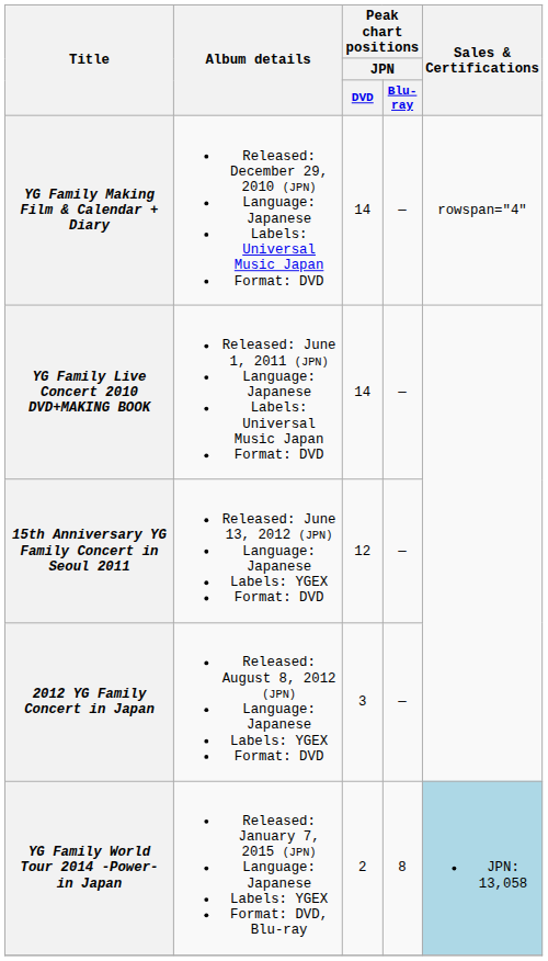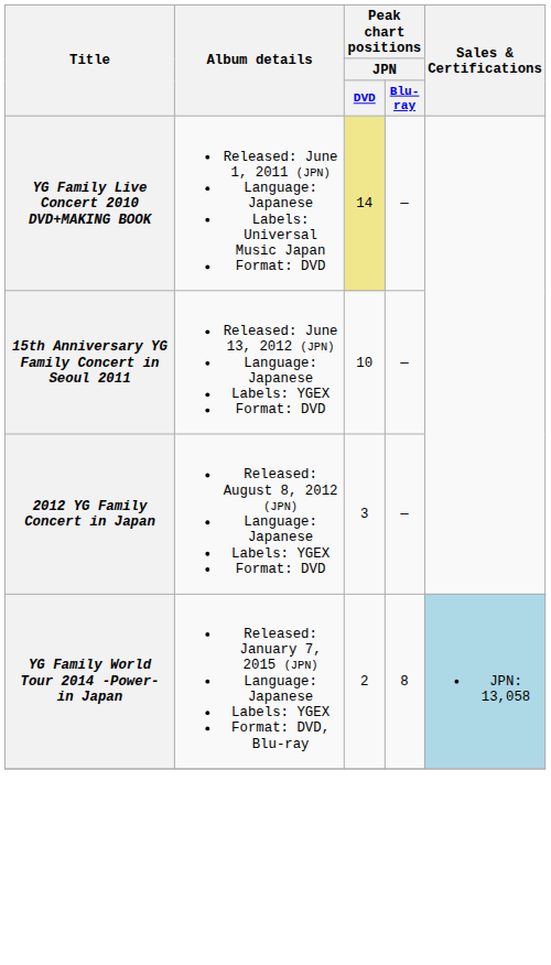 <table class="wikitable plainrowheaders" style="text-align:center;">
 <tr>
 <th scope="col" rowspan="3" style="width:12em;">Title</th>
 <th scope="col" rowspan="3" style="width:12em;">Album details</th>
 <th scope="col" colspan="2">Peak chart positions</th>
 <th scope="col" rowspan="3" style="width:8em;">Sales & Certifications</th>
 </tr>
 <tr>
 <th scope="col" colspan="2">JPN</th>
 </tr>
 <tr>
 <th scope="col" style="width:2.5em;font-size:90%;"><a href='#'>DVD</a><br></th>
 <th scope="col" style="width:2.5em;font-size:90%;"><a href='#'>Blu-ray</a><br></th>
 </tr>
 <tr>
-<th scope="row"><em>YG Family Making Film & Calendar + Diary</em></th>
-<td><br><ul><li>Released: December 29, 2010 <small>(JPN)</small></li><li>Language: Japanese</li><li>Labels: <a href='#'>Universal Music Japan</a></li><li>Format: DVD</li></ul></td>
-<td>14</td>
-<td>—</td>
-<td>rowspan="4" </td>
-</tr>
-<tr>
 <th scope="row"><em>YG Family Live Concert 2010 DVD+MAKING BOOK</em></th>
 <td><br><ul><li>Released: June 1, 2011 <small>(JPN)</small></li><li>Language: Japanese</li><li>Labels: Universal Music Japan</li><li>Format: DVD</li></ul></td>
-<td>14</td>
+<td style="background: khaki;">14</td>
 <td>—</td>
 </tr>
 <tr>
 <th scope="row"><em>15th Anniversary YG Family Concert in Seoul 2011</em></th>
 <td><br><ul><li>Released: June 13, 2012 <small>(JPN)</small></li><li>Language: Japanese</li><li>Labels: YGEX</li><li>Format: DVD</li></ul></td>
-<td>12</td>
+<td>10</td>
 <td>—</td>
 </tr>
 <tr>
 <th scope="row"><em>2012 YG Family Concert in Japan</em></th>
 <td><br><ul><li>Released: August 8, 2012 <small>(JPN)</small></li><li>Language: Japanese</li><li>Labels: YGEX</li><li>Format: DVD</li></ul></td>
 <td>3</td>
 <td>—</td>
 </tr>
 <tr>
 <th scope="row"><em>YG Family World Tour 2014 -Power- in Japan</em></th>
 <td><br><ul><li>Released: January 7, 2015 <small>(JPN)</small></li><li>Language: Japanese</li><li>Labels: YGEX</li><li>Format: DVD, Blu-ray</li></ul></td>
 <td>2</td>
 <td>8</td>
 <td style="background: lightblue;"><br><ul><li>JPN: 13,058</li></ul></td>
 </tr>
 <tr>
 </tr>
 </table>
